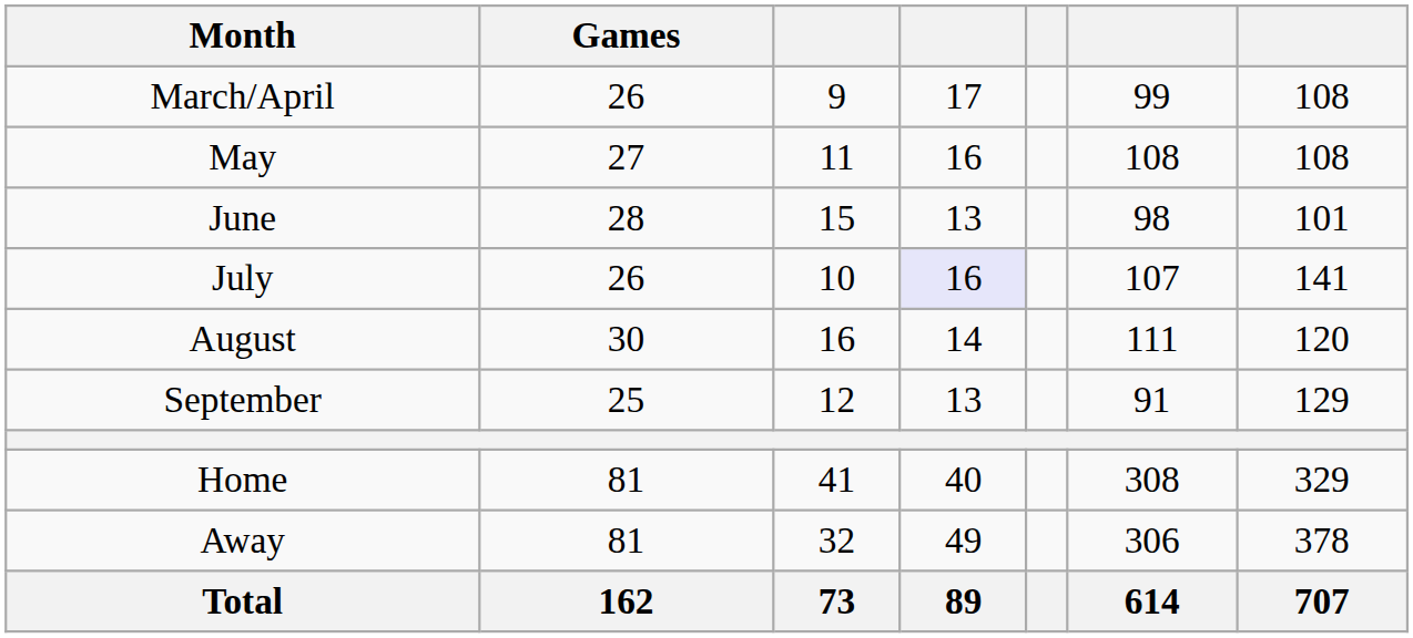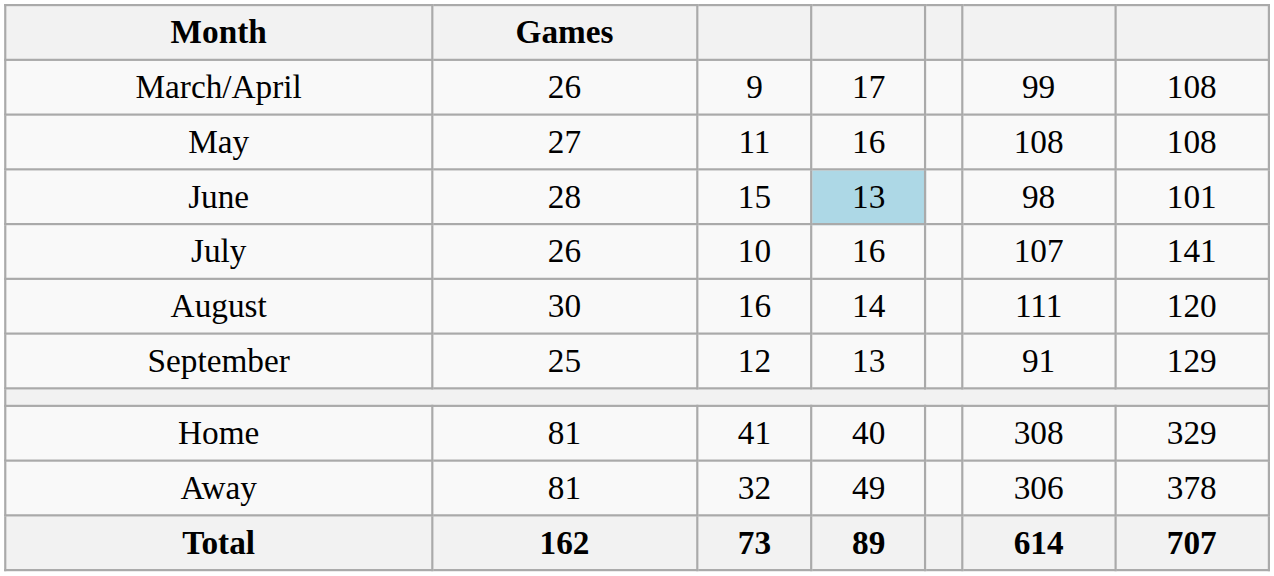 <table class="wikitable" style="font-size:95%; text-align:center; width:38em;margin: 0.5em auto;">
 <tr>
 <th>Month</th>
 <th>Games</th>
 <th></th>
 <th></th>
 <th></th>
 <th></th>
 <th></th>
 </tr>
 <tr>
 <td>March/April</td>
 <td>26</td>
 <td>9</td>
 <td>17</td>
 <td></td>
 <td>99</td>
 <td>108</td>
 </tr>
 <tr>
 <td>May</td>
 <td>27</td>
 <td>11</td>
 <td>16</td>
 <td></td>
 <td>108</td>
 <td>108</td>
 </tr>
 <tr>
 <td>June</td>
 <td>28</td>
 <td>15</td>
-<td>13</td>
+<td style="background: lightblue;">13</td>
 <td></td>
 <td>98</td>
 <td>101</td>
 </tr>
 <tr>
 <td>July</td>
 <td>26</td>
 <td>10</td>
-<td style="background: lavender;">16</td>
+<td>16</td>
 <td></td>
 <td>107</td>
 <td>141</td>
 </tr>
 <tr>
 <td>August</td>
 <td>30</td>
 <td>16</td>
 <td>14</td>
 <td></td>
 <td>111</td>
 <td>120</td>
 </tr>
 <tr>
 <td>September</td>
 <td>25</td>
 <td>12</td>
 <td>13</td>
 <td></td>
 <td>91</td>
 <td>129</td>
 </tr>
 <tr>
 <th colspan="7"></th>
 </tr>
 <tr>
 <td>Home</td>
 <td>81</td>
 <td>41</td>
 <td>40</td>
 <td></td>
 <td>308</td>
 <td>329</td>
 </tr>
 <tr>
 <td>Away</td>
 <td>81</td>
 <td>32</td>
 <td>49</td>
 <td></td>
 <td>306</td>
 <td>378</td>
 </tr>
 <tr>
 <th>Total</th>
 <th>162</th>
 <th>73</th>
 <th>89</th>
 <th></th>
 <th>614</th>
 <th>707</th>
 </tr>
 </table>
